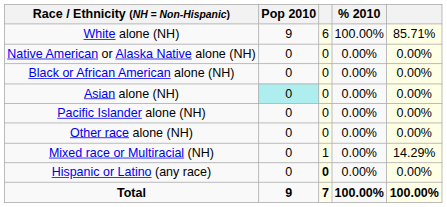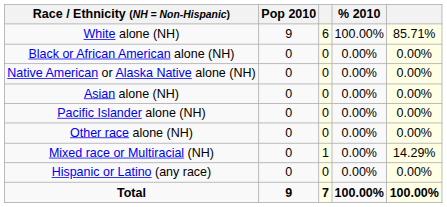 <table class="wikitable" style="text-align:center;">
 <tr>
 <th>Race / Ethnicity <small>(<em>NH = Non-Hispanic</em>)</small></th>
 <th>Pop 2010</th>
 <th></th>
 <th>% 2010</th>
 <th></th>
 </tr>
 <tr>
 <td><a href='#'>White</a> alone (NH)</td>
 <td>9</td>
 <td style='background: #ffffe6;'>6</td>
 <td>100.00%</td>
 <td style='background: #ffffe6;'>85.71%</td>
 </tr>
 <tr>
+<td><a href='#'>Black or African American</a> alone (NH)</td>
+<td>0</td>
+<td style='background: #ffffe6;'>0</td>
+<td>0.00%</td>
+<td style='background: #ffffe6;'>0.00%</td>
+</tr>
+<tr>
 <td><a href='#'>Native American</a> or <a href='#'>Alaska Native</a> alone (NH)</td>
 <td>0</td>
 <td style='background: #ffffe6;'>0</td>
 <td>0.00%</td>
 <td style='background: #ffffe6;'>0.00%</td>
 </tr>
 <tr>
-<td><a href='#'>Black or African American</a> alone (NH)</td>
+<td><a href='#'>Asian</a> alone (NH)</td>
 <td>0</td>
-<td style='background: #ffffe6;'>0</td>
-<td>0.00%</td>
-<td style='background: #ffffe6;'>0.00%</td>
-</tr>
-<tr>
-<td><a href='#'>Asian</a> alone (NH)</td>
-<td style="background: paleturquoise;">0</td>
 <td style='background: #ffffe6;'>0</td>
 <td>0.00%</td>
 <td style='background: #ffffe6;'>0.00%</td>
 </tr>
 <tr>
 <td><a href='#'>Pacific Islander</a> alone (NH)</td>
 <td>0</td>
 <td style='background: #ffffe6;'>0</td>
 <td>0.00%</td>
 <td style='background: #ffffe6;'>0.00%</td>
 </tr>
 <tr>
 <td><a href='#'>Other race</a> alone (NH)</td>
 <td>0</td>
 <td style='background: #ffffe6;'>0</td>
 <td>0.00%</td>
 <td style='background: #ffffe6;'>0.00%</td>
 </tr>
 <tr>
 <td><a href='#'>Mixed race or Multiracial</a> (NH)</td>
 <td>0</td>
 <td style='background: #ffffe6;'>1</td>
 <td>0.00%</td>
 <td style='background: #ffffe6;'>14.29%</td>
 </tr>
 <tr>
 <td><a href='#'>Hispanic or Latino</a> (any race)</td>
 <td>0</td>
-<td style='background: #ffffe6;'><strong>0</strong></td>
+<td style='background: #ffffe6;'>0</td>
 <td>0.00%</td>
 <td style='background: #ffffe6;'>0.00%</td>
 </tr>
 <tr>
 <td><strong>Total</strong></td>
 <td><strong>9</strong></td>
 <td style='background: #ffffe6;'><strong>7</strong></td>
 <td><strong>100.00%</strong></td>
 <td style='background: #ffffe6;'><strong>100.00%</strong></td>
 </tr>
 </table>
